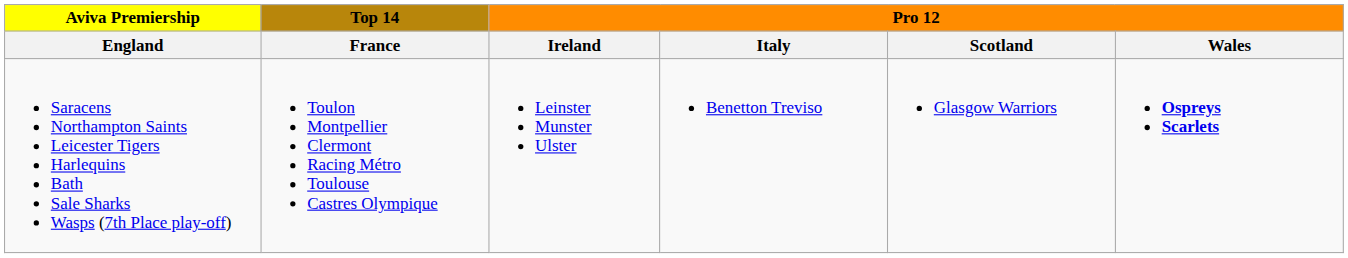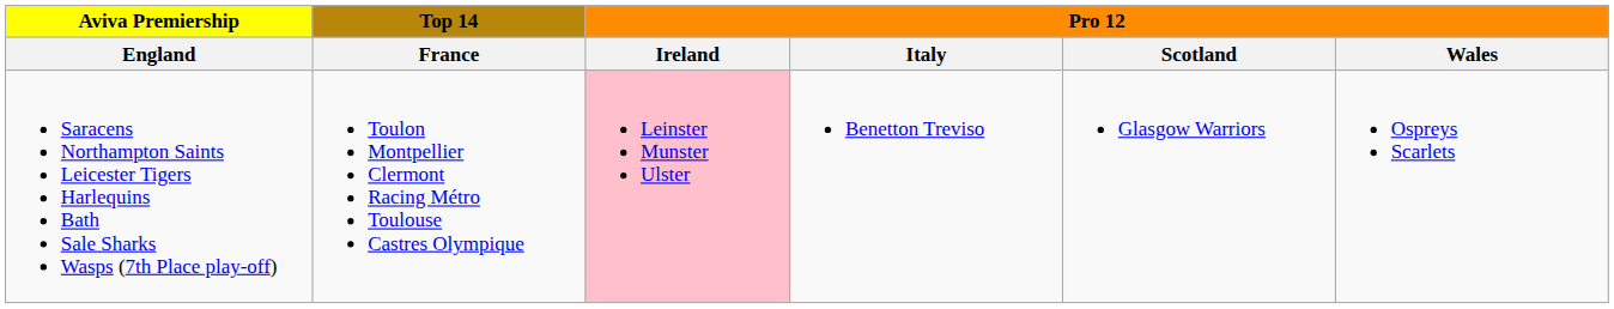 <table class="wikitable" style="width:100%;">
 <tr>
 <th style="background: #ffff00;">Aviva Premiership</th>
 <th style="background: #b8860b;">Top 14</th>
 <th colspan="4" style="background: #ff8c00;">Pro 12</th>
 </tr>
 <tr>
 <th width=18%> England</th>
 <th width=16%> France</th>
 <th width=12%> Ireland</th>
 <th width=16%> Italy</th>
 <th width=16%> Scotland</th>
 <th width=16%> Wales</th>
 </tr>
 <tr valign=top>
 <td><br><ul><li><a href='#'>Saracens</a></li><li><a href='#'>Northampton Saints</a></li><li><a href='#'>Leicester Tigers</a></li><li><a href='#'>Harlequins</a></li><li><a href='#'>Bath</a></li><li><a href='#'>Sale Sharks</a></li><li><a href='#'>Wasps</a> (<a href='#'>7th Place play-off</a>)</li></ul></td>
 <td><br><ul><li><a href='#'>Toulon</a></li><li><a href='#'>Montpellier</a></li><li><a href='#'>Clermont</a></li><li><a href='#'>Racing Métro</a></li><li><a href='#'>Toulouse</a></li><li><a href='#'>Castres Olympique</a></li></ul></td>
-<td><br><ul><li><a href='#'>Leinster</a></li><li><a href='#'>Munster</a></li><li><a href='#'>Ulster</a></li></ul></td>
+<td style="background: pink;"><br><ul><li><a href='#'>Leinster</a></li><li><a href='#'>Munster</a></li><li><a href='#'>Ulster</a></li></ul></td>
 <td><br><ul><li><a href='#'>Benetton Treviso</a></li></ul></td>
 <td><br><ul><li><a href='#'>Glasgow Warriors</a></li></ul></td>
-<td><strong><br><ul><li><a href='#'>Ospreys</a></li><li><a href='#'>Scarlets</a></li></ul></strong></td>
+<td><br><ul><li><a href='#'>Ospreys</a></li><li><a href='#'>Scarlets</a></li></ul></td>
 </tr>
 </table>
